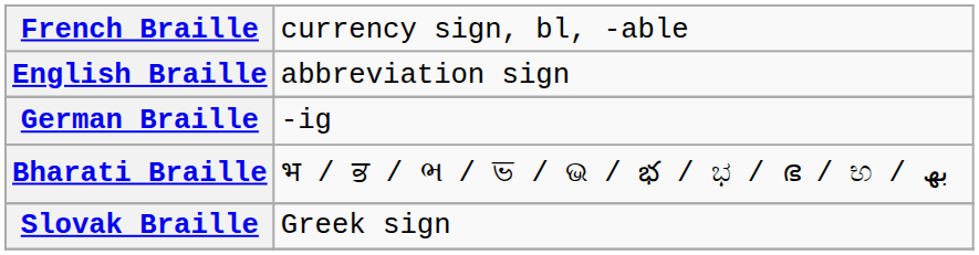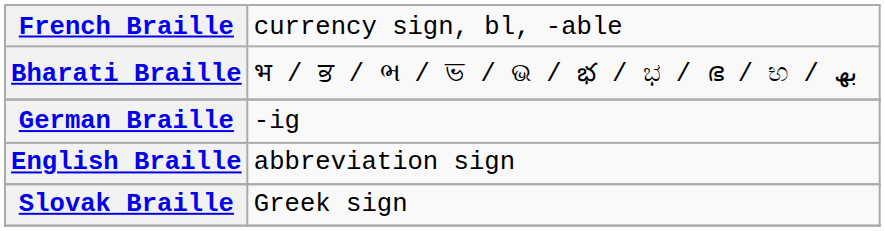 <table class="wikitable">
 <tr>
 <th align=left><a href='#'>French Braille</a></th>
 <td>currency sign, bl, -able</td>
 </tr>
 <tr>
-<th align=left><a href='#'>English Braille</a></th>
-<td>abbreviation sign</td>
+<th align=left><a href='#'>Bharati Braille</a></th>
+<td>भ / ਭ / ભ / ভ / ଭ / భ / ಭ / ഭ / භ / بھ ‎</td>
 </tr>
 <tr>
 </tr>
 <tr>
 <th align=left><a href='#'>German Braille</a></th>
 <td>-ig</td>
 </tr>
 <tr>
-<th align=left><a href='#'>Bharati Braille</a></th>
-<td>भ / ਭ / ભ / ভ / ଭ / భ / ಭ / ഭ / භ / بھ ‎</td>
+<th align=left><a href='#'>English Braille</a></th>
+<td>abbreviation sign</td>
 </tr>
 <tr>
 </tr>
 <tr>
 </tr>
 <tr>
 </tr>
 <tr>
 <th align=left><a href='#'>Slovak Braille</a></th>
 <td>Greek sign</td>
 </tr>
 <tr>
 </tr>
 <tr>
 </tr>
 <tr>
 </tr>
 <tr>
 </tr>
 <tr>
 </tr>
 </table>
